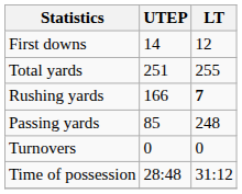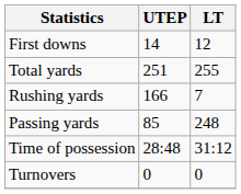 <table class="wikitable" style="float: left;">
 <tr>
 <th>Statistics</th>
 <th>UTEP</th>
 <th>LT</th>
 </tr>
 <tr>
 <td>First downs</td>
 <td>14</td>
 <td>12</td>
 </tr>
 <tr>
 <td>Total yards</td>
 <td>251</td>
 <td>255</td>
 </tr>
 <tr>
 <td>Rushing yards</td>
 <td>166</td>
-<td><strong>7</strong></td>
+<td>7</td>
 </tr>
 <tr>
 <td>Passing yards</td>
 <td>85</td>
 <td>248</td>
 </tr>
 <tr>
+<td>Time of possession</td>
+<td>28:48</td>
+<td>31:12</td>
+</tr>
+<tr>
 <td>Turnovers</td>
 <td>0</td>
 <td>0</td>
 </tr>
 <tr>
-<td>Time of possession</td>
-<td>28:48</td>
-<td>31:12</td>
-</tr>
-<tr>
 </tr>
 </table>
